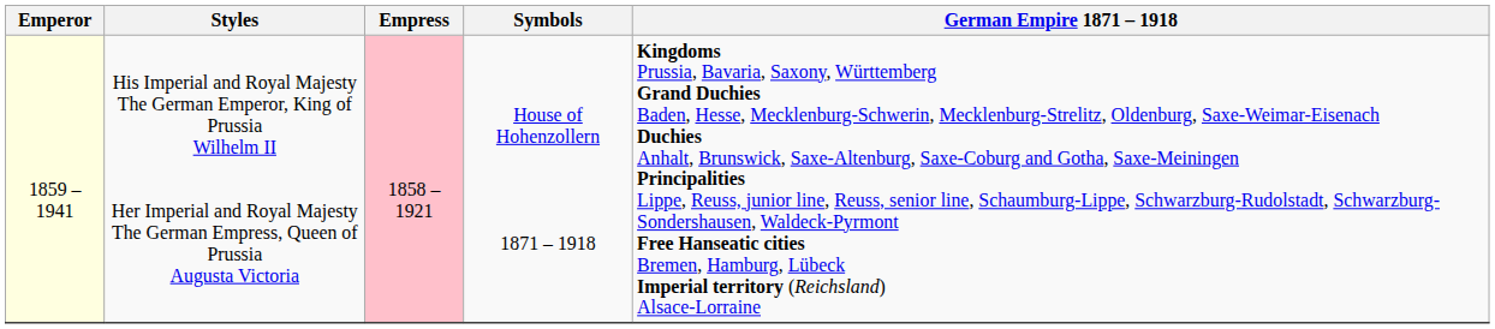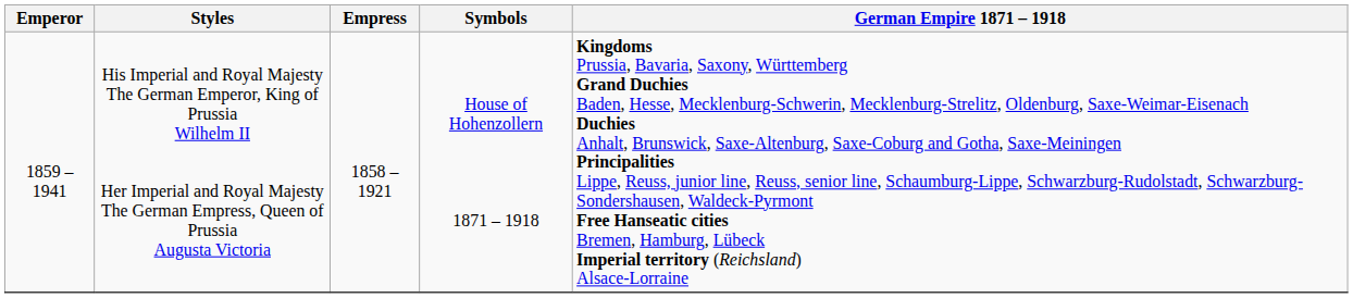 <table class="wikitable" style="border:1px solid">
 <tr>
 <th>Emperor</th>
 <th>Styles</th>
 <th>Empress</th>
 <th>Symbols</th>
 <th><a href='#'>German Empire</a> 1871 – 1918</th>
 </tr>
 <tr>
-<td align=center style="background: lightyellow;"><br><br>1859 – 1941</td>
+<td align=center><br><br>1859 – 1941</td>
 <td align=center>His Imperial and Royal Majesty<br>The German Emperor, King of Prussia<br><a href='#'>Wilhelm II</a><br><br><br>Her Imperial and Royal Majesty<br>The German Empress, Queen of Prussia<br><a href='#'>Augusta Victoria</a></td>
-<td align=center style="background: pink;"><br><br>1858 – 1921</td>
+<td align=center><br><br>1858 – 1921</td>
 <td align=center><a href='#'>House of Hohenzollern</a><br><br><br><br><br>1871 – 1918</td>
 <td><strong>Kingdoms</strong><br><a href='#'>Prussia</a>, <a href='#'>Bavaria</a>, <a href='#'>Saxony</a>, <a href='#'>Württemberg</a><br><strong>Grand Duchies</strong><br><a href='#'>Baden</a>, <a href='#'>Hesse</a>, <a href='#'>Mecklenburg-Schwerin</a>, <a href='#'>Mecklenburg-Strelitz</a>, <a href='#'>Oldenburg</a>, <a href='#'>Saxe-Weimar-Eisenach</a><br><strong>Duchies</strong><br><a href='#'>Anhalt</a>, <a href='#'>Brunswick</a>, <a href='#'>Saxe-Altenburg</a>, <a href='#'>Saxe-Coburg and Gotha</a>, <a href='#'>Saxe-Meiningen</a><br> <strong>Principalities</strong><br><a href='#'>Lippe</a>, <a href='#'>Reuss, junior line</a>, <a href='#'>Reuss, senior line</a>, <a href='#'>Schaumburg-Lippe</a>, <a href='#'>Schwarzburg-Rudolstadt</a>, <a href='#'>Schwarzburg-Sondershausen</a>, <a href='#'>Waldeck-Pyrmont</a><br><strong>Free Hanseatic cities</strong><br><a href='#'>Bremen</a>, <a href='#'>Hamburg</a>, <a href='#'>Lübeck</a><br><strong>Imperial territory</strong> (<em>Reichsland</em>)<br><a href='#'>Alsace-Lorraine</a></td>
 </tr>
 <tr>
 </tr>
 </table>
